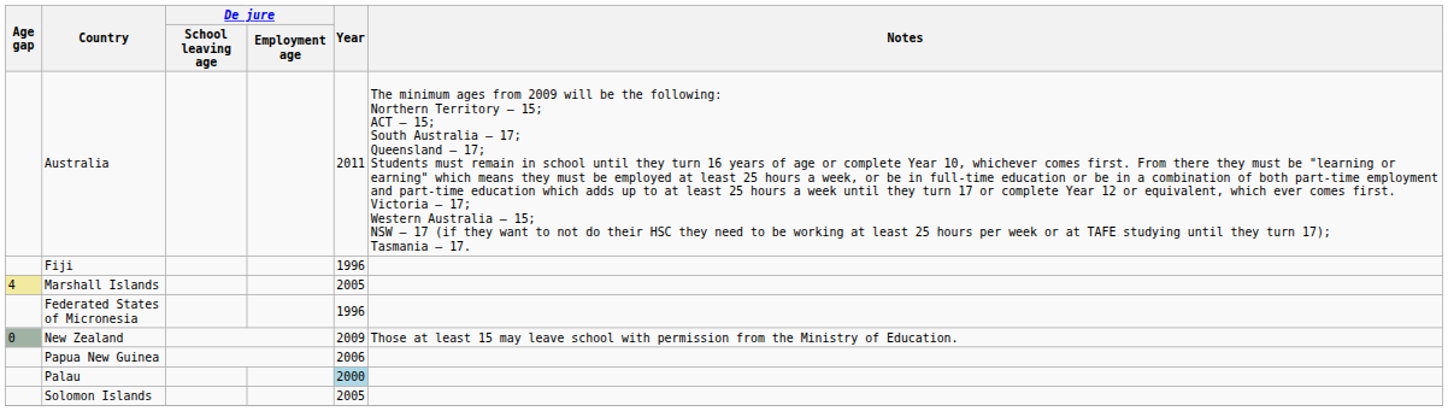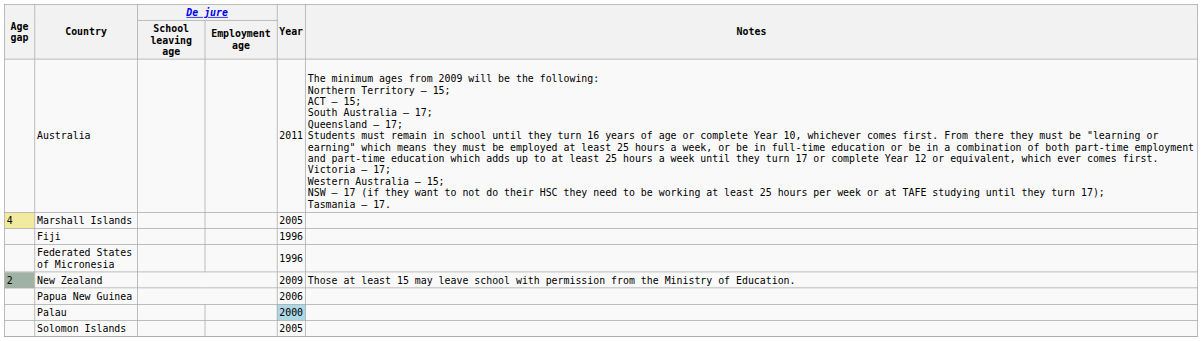 <table class="wikitable sortable">
 <tr>
 <th rowspan=2>Age gap</th>
 <th rowspan=2>Country</th>
 <th colspan=2><em><a href='#'>De jure</a></em></th>
 <th rowspan=2>Year</th>
 <th rowspan=2>Notes</th>
 </tr>
 <tr>
 <th>School leaving age</th>
 <th>Employment age</th>
 </tr>
 <tr>
 <td></td>
 <td>Australia</td>
 <td></td>
 <td></td>
 <td>2011</td>
 <td><br>The minimum ages from 2009 will be the following:<br> Northern Territory – 15;<br> ACT – 15;<br> South Australia – 17;<br> Queensland – 17;<br> Students must remain in school until they turn 16 years of age or complete Year 10, whichever comes first. From there they must be "learning or earning" which means they must be employed at least 25 hours a week, or be in full-time education or be in a combination of both part-time employment and part-time education which adds up to at least 25 hours a week until they turn 17 or complete Year 12 or equivalent, which ever comes first.<br> Victoria – 17;<br> Western Australia – 15;<br> NSW – 17 (if they want to not do their HSC they need to be working at least 25 hours per week or at TAFE studying until they turn 17);<br> Tasmania – 17.</td>
 </tr>
 <tr>
+<td style="background:#f2eb9f;">4</td>
+<td>Marshall Islands</td>
+<td></td>
+<td></td>
+<td>2005</td>
+<td></td>
+</tr>
+<tr>
 <td></td>
 <td>Fiji</td>
 <td></td>
 <td></td>
 <td>1996</td>
-<td></td>
-</tr>
-<tr>
-<td style="background:#f2eb9f;">4</td>
-<td>Marshall Islands</td>
-<td></td>
-<td></td>
-<td>2005</td>
 <td></td>
 </tr>
 <tr>
 <td></td>
 <td>Federated States of Micronesia</td>
 <td></td>
 <td></td>
 <td>1996</td>
 <td></td>
 </tr>
 <tr>
-<td style="background:#A0B2A4;">0</td>
+<td style="background:#A0B2A4;">2</td>
 <td>New Zealand</td>
 <td colspan="2"></td>
 <td>2009</td>
 <td>Those at least 15 may leave school with permission from the Ministry of Education.</td>
 </tr>
 <tr>
 <td></td>
 <td>Papua New Guinea</td>
 <td colspan="2"></td>
 <td>2006</td>
 <td></td>
 </tr>
 <tr>
 <td></td>
 <td>Palau</td>
 <td></td>
 <td></td>
 <td style="background: lightblue;">2000</td>
 <td></td>
 </tr>
 <tr>
 <td></td>
 <td>Solomon Islands</td>
 <td></td>
 <td></td>
 <td>2005</td>
 <td></td>
 </tr>
 <tr>
 </tr>
 </table>
